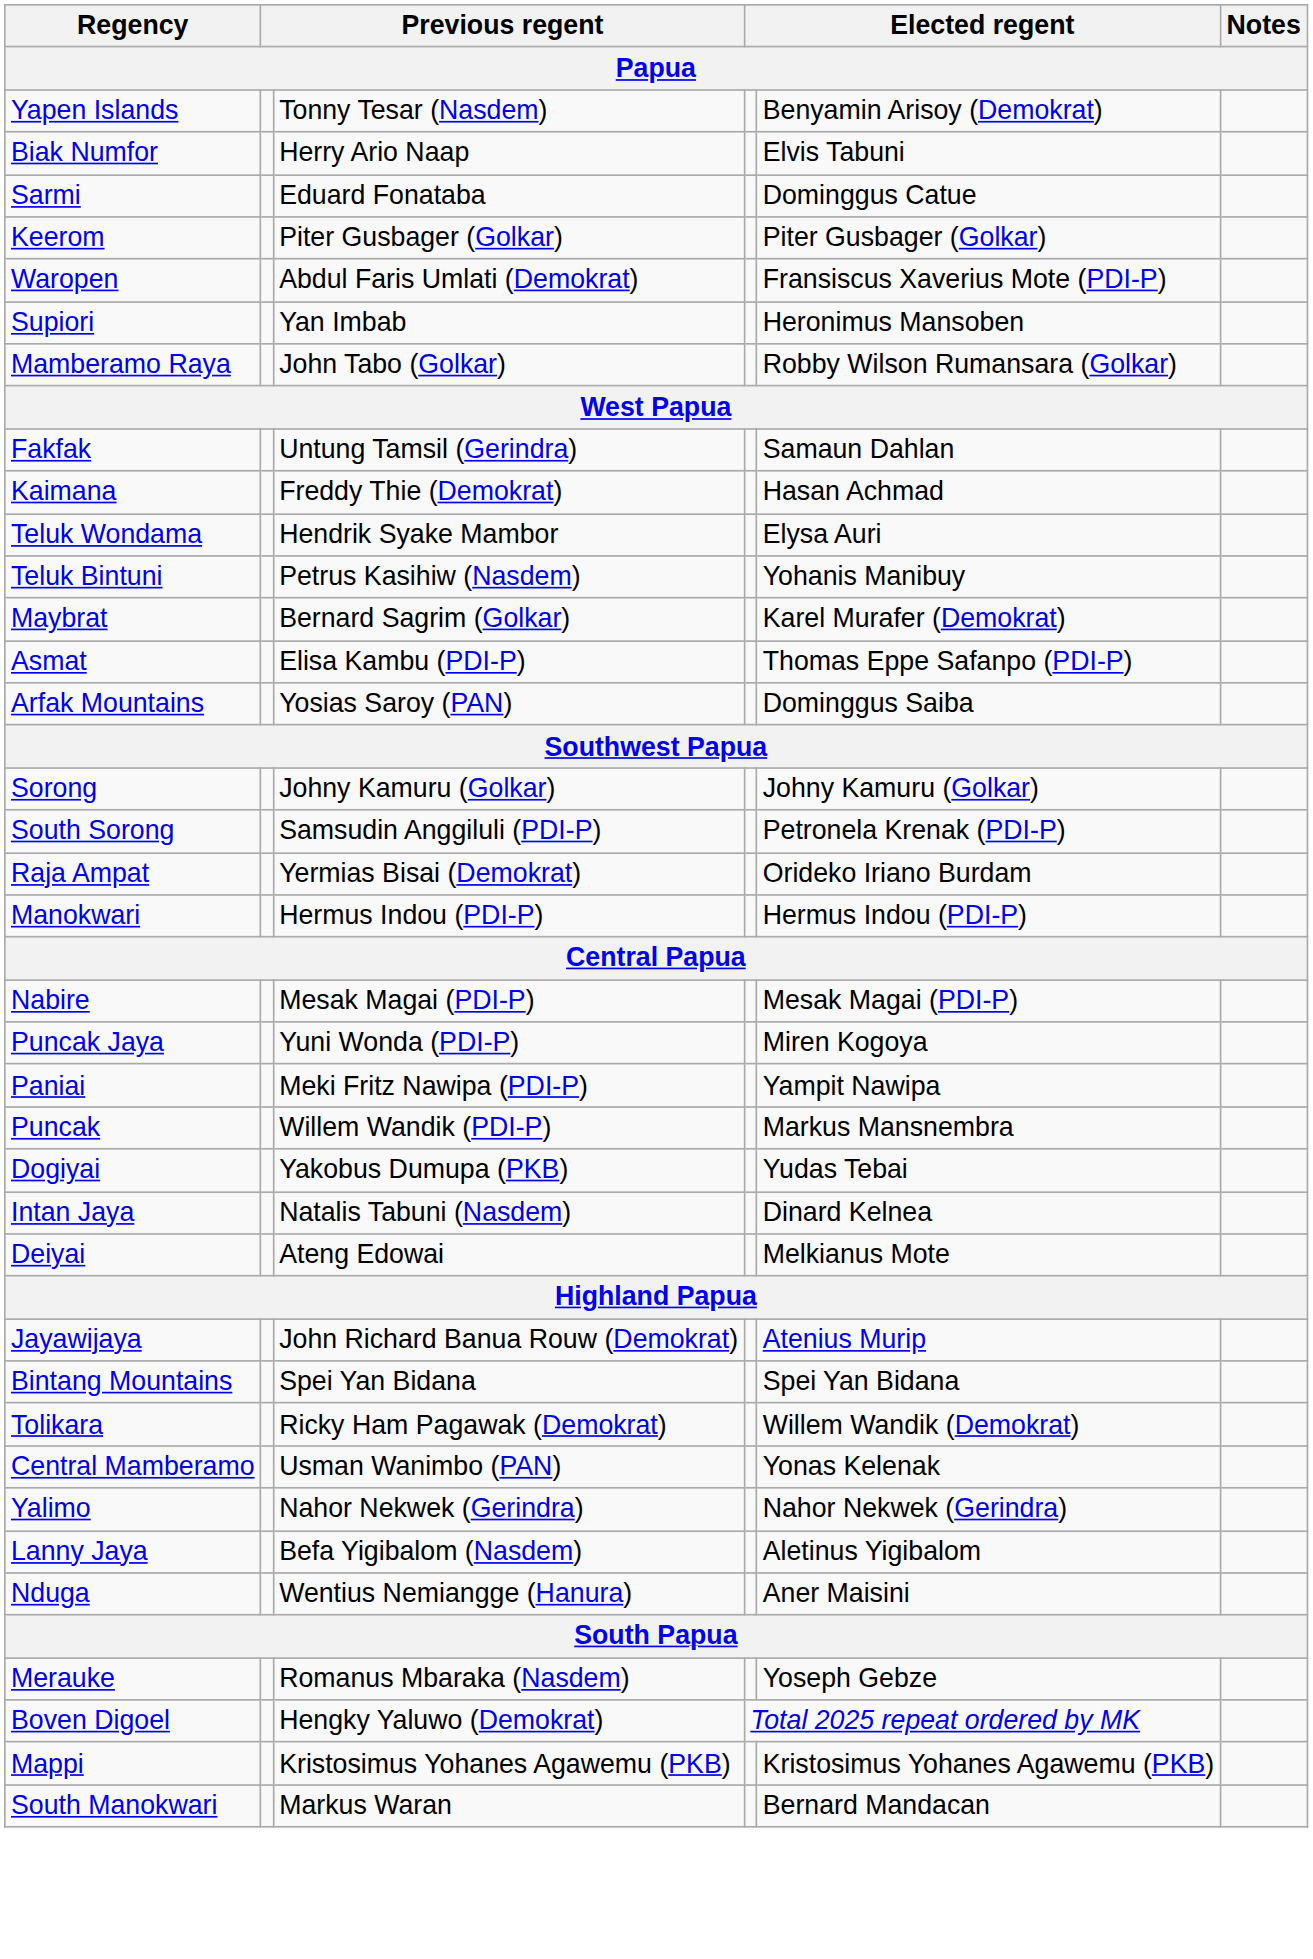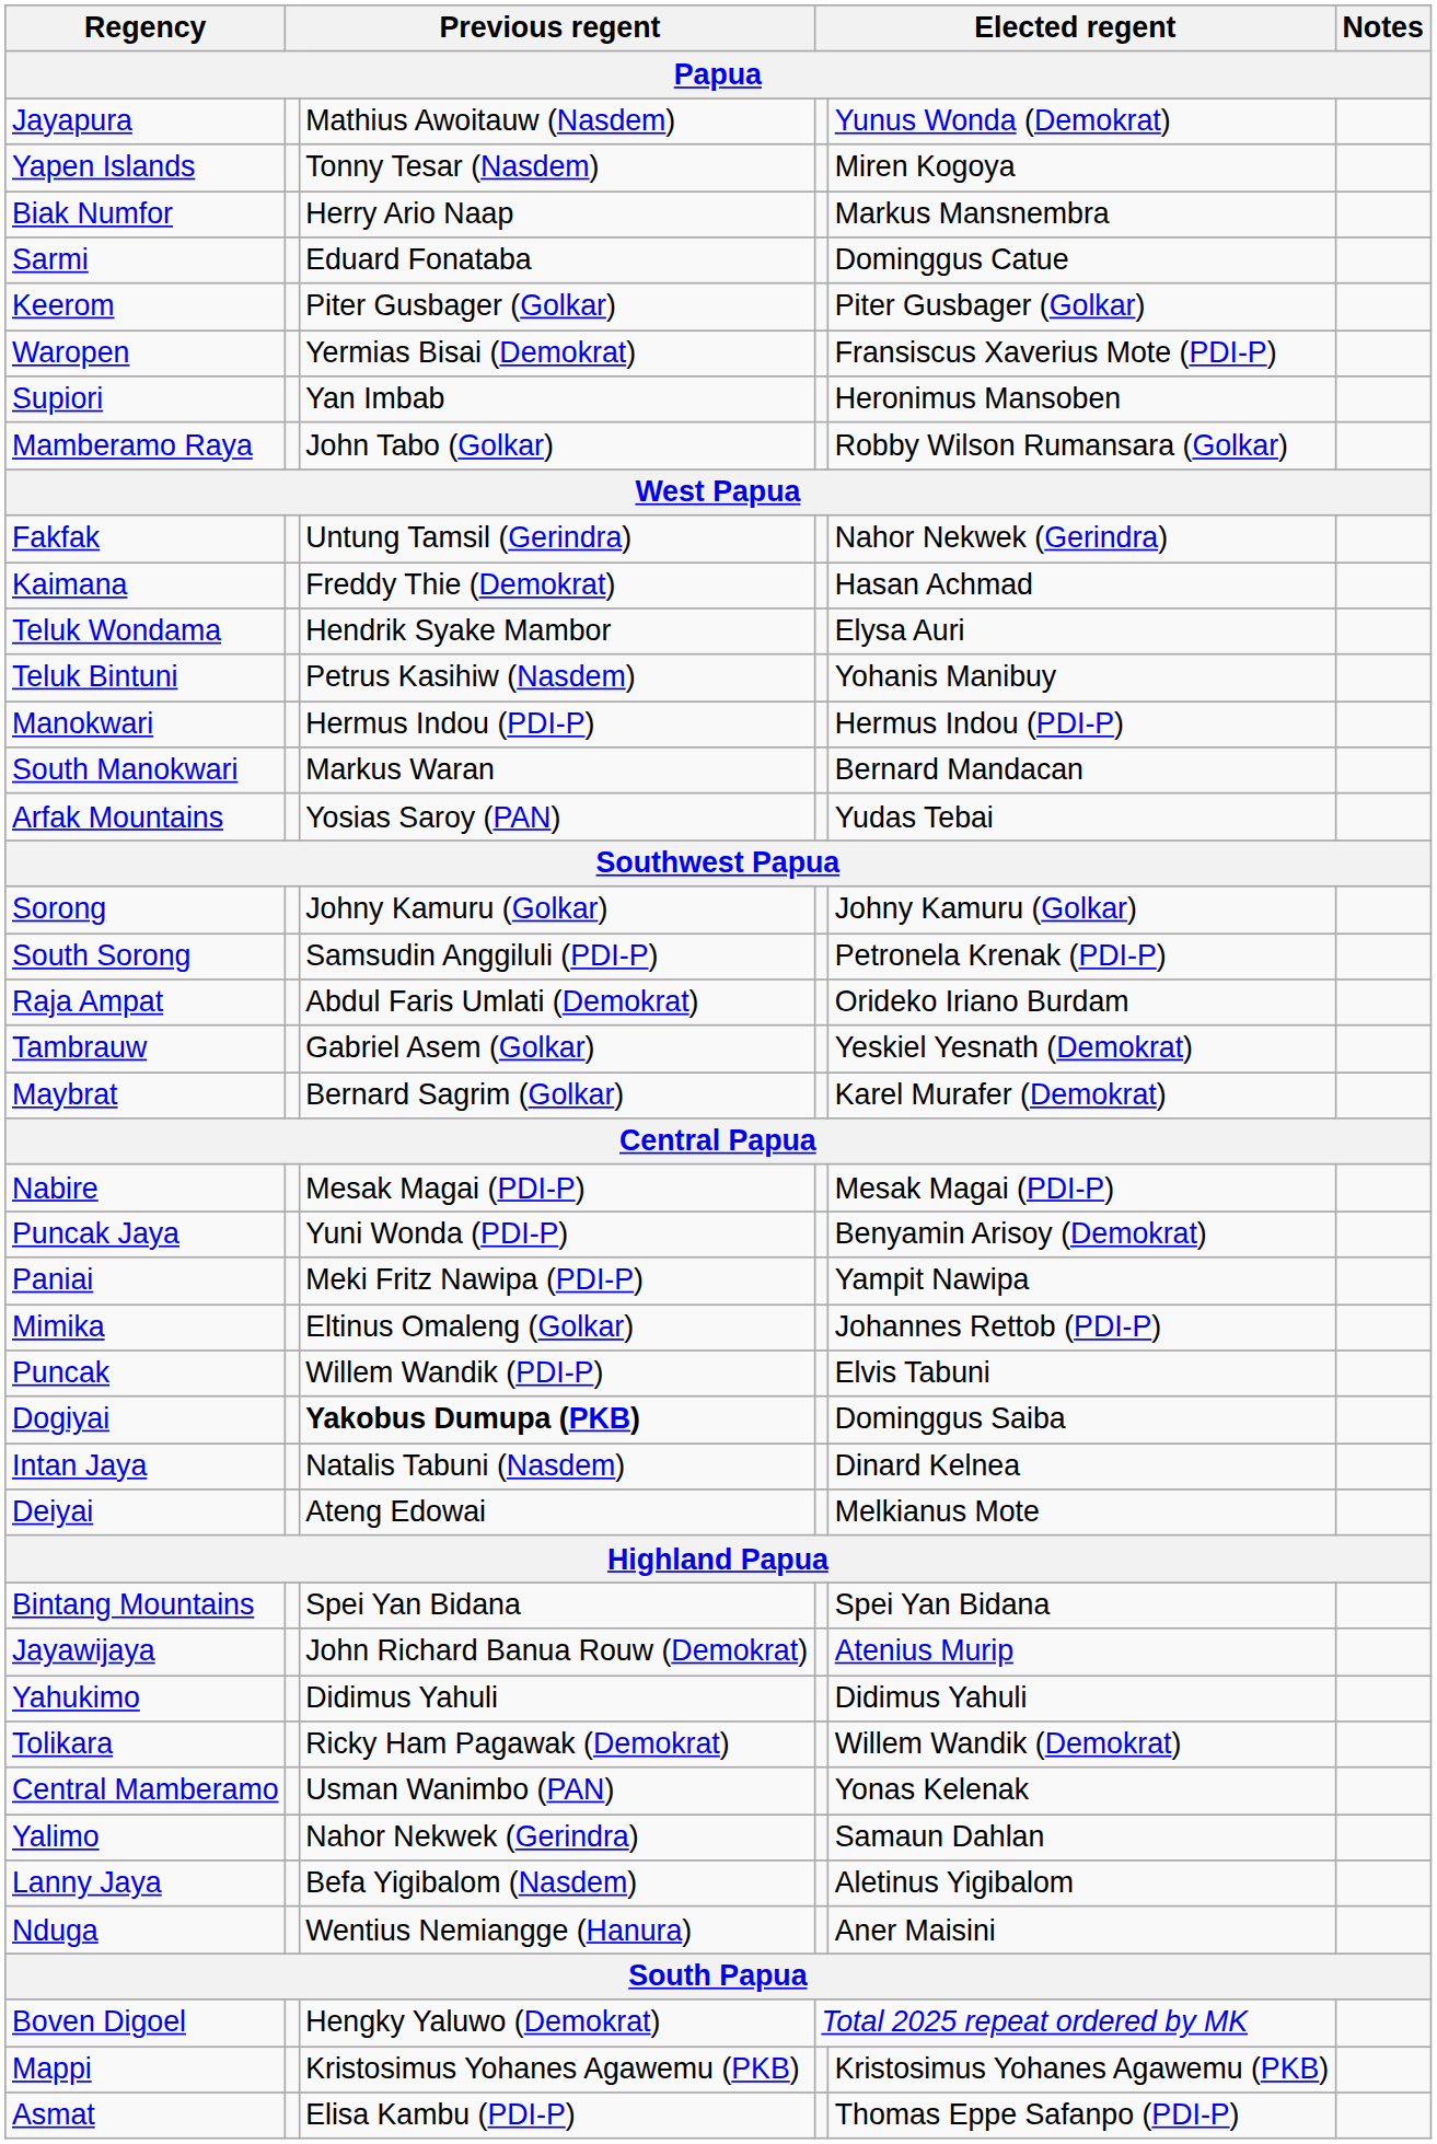 <table class="wikitable">
 <tr>
 <th>Regency</th>
 <th colspan=2>Previous regent</th>
 <th colspan=2>Elected regent</th>
 <th>Notes</th>
 </tr>
 <tr>
 <th colspan=6><a href='#'>Papua</a></th>
 </tr>
 <tr>
+<td><a href='#'>Jayapura</a></td>
+<td style="background:"></td>
+<td>Mathius Awoitauw (<a href='#'>Nasdem</a>)</td>
+<td style="background:"></td>
+<td><a href='#'>Yunus Wonda</a> (<a href='#'>Demokrat</a>)</td>
+<td></td>
+</tr>
+<tr>
 <td><a href='#'>Yapen Islands</a></td>
 <td style="background:"></td>
 <td>Tonny Tesar (<a href='#'>Nasdem</a>)</td>
 <td style="background:"></td>
-<td>Benyamin Arisoy (<a href='#'>Demokrat</a>)</td>
+<td>Miren Kogoya</td>
 <td></td>
 </tr>
 <tr>
 <td><a href='#'>Biak Numfor</a></td>
 <td style="background:"></td>
 <td>Herry Ario Naap</td>
 <td style="background:"></td>
-<td>Elvis Tabuni</td>
+<td>Markus Mansnembra</td>
 <td></td>
 </tr>
 <tr>
 <td><a href='#'>Sarmi</a></td>
 <td style="background:"></td>
 <td>Eduard Fonataba</td>
 <td style="background:"></td>
 <td>Dominggus Catue</td>
 <td></td>
 </tr>
 <tr>
 <td><a href='#'>Keerom</a></td>
 <td style="background:"></td>
 <td>Piter Gusbager (<a href='#'>Golkar</a>)</td>
 <td style="background:"></td>
 <td>Piter Gusbager (<a href='#'>Golkar</a>)</td>
 <td></td>
 </tr>
 <tr>
 <td><a href='#'>Waropen</a></td>
 <td style="background:"></td>
-<td>Abdul Faris Umlati (<a href='#'>Demokrat</a>)</td>
+<td>Yermias Bisai (<a href='#'>Demokrat</a>)</td>
 <td style="background:"></td>
 <td>Fransiscus Xaverius Mote (<a href='#'>PDI-P</a>)</td>
 <td></td>
 </tr>
 <tr>
 <td><a href='#'>Supiori</a></td>
 <td style="background:"></td>
 <td>Yan Imbab</td>
 <td style="background:"></td>
 <td>Heronimus Mansoben</td>
 <td></td>
 </tr>
 <tr>
 <td><a href='#'>Mamberamo Raya</a></td>
 <td style="background:"></td>
 <td>John Tabo (<a href='#'>Golkar</a>)</td>
 <td style="background:"></td>
 <td>Robby Wilson Rumansara (<a href='#'>Golkar</a>)</td>
 <td></td>
 </tr>
 <tr>
 <th colspan=6><a href='#'>West Papua</a></th>
 </tr>
 <tr>
 <td><a href='#'>Fakfak</a></td>
 <td style="background:"></td>
 <td>Untung Tamsil (<a href='#'>Gerindra</a>)</td>
 <td style=></td>
-<td>Samaun Dahlan</td>
+<td>Nahor Nekwek (<a href='#'>Gerindra</a>)</td>
 <td></td>
 </tr>
 <tr>
 <td><a href='#'>Kaimana</a></td>
 <td style="background:"></td>
 <td>Freddy Thie (<a href='#'>Demokrat</a>)</td>
 <td style=></td>
 <td>Hasan Achmad</td>
 <td></td>
 </tr>
 <tr>
 <td><a href='#'>Teluk Wondama</a></td>
 <td style="background:"></td>
 <td>Hendrik Syake Mambor</td>
 <td style=></td>
 <td>Elysa Auri</td>
 <td></td>
 </tr>
 <tr>
 <td><a href='#'>Teluk Bintuni</a></td>
 <td style="background:"></td>
 <td>Petrus Kasihiw (<a href='#'>Nasdem</a>)</td>
 <td style=></td>
 <td>Yohanis Manibuy</td>
 <td></td>
 </tr>
 <tr>
-<td><a href='#'>Maybrat</a></td>
+<td><a href='#'>Manokwari</a></td>
 <td style="background:"></td>
-<td>Bernard Sagrim (<a href='#'>Golkar</a>)</td>
+<td>Hermus Indou (<a href='#'>PDI-P</a>)</td>
 <td style="background:"></td>
-<td>Karel Murafer (<a href='#'>Demokrat</a>)</td>
+<td>Hermus Indou (<a href='#'>PDI-P</a>)</td>
 <td></td>
 </tr>
 <tr>
-<td><a href='#'>Asmat</a></td>
+<td><a href='#'>South Manokwari</a></td>
 <td style="background:"></td>
-<td>Elisa Kambu (<a href='#'>PDI-P</a>)</td>
-<td style="background:"></td>
-<td>Thomas Eppe Safanpo (<a href='#'>PDI-P</a>)</td>
+<td>Markus Waran</td>
+<td style=></td>
+<td>Bernard Mandacan</td>
 <td></td>
 </tr>
 <tr>
 <td><a href='#'>Arfak Mountains</a></td>
 <td style="background:"></td>
 <td>Yosias Saroy (<a href='#'>PAN</a>)</td>
 <td style=></td>
-<td>Dominggus Saiba</td>
+<td>Yudas Tebai</td>
 <td></td>
 </tr>
 <tr>
 <th colspan=6><a href='#'>Southwest Papua</a></th>
 </tr>
 <tr>
 <td><a href='#'>Sorong</a></td>
 <td style="background:"></td>
 <td>Johny Kamuru (<a href='#'>Golkar</a>)</td>
 <td style="background:"></td>
 <td>Johny Kamuru (<a href='#'>Golkar</a>)</td>
 <td></td>
 </tr>
 <tr>
 <td><a href='#'>South Sorong</a></td>
 <td style="background:"></td>
 <td>Samsudin Anggiluli (<a href='#'>PDI-P</a>)</td>
 <td style="background:"></td>
 <td>Petronela Krenak (<a href='#'>PDI-P</a>)</td>
 <td></td>
 </tr>
 <tr>
 <td><a href='#'>Raja Ampat</a></td>
 <td style="background:"></td>
-<td>Yermias Bisai (<a href='#'>Demokrat</a>)</td>
+<td>Abdul Faris Umlati (<a href='#'>Demokrat</a>)</td>
 <td style="background:"></td>
 <td>Orideko Iriano Burdam</td>
 <td></td>
 </tr>
 <tr>
-<td><a href='#'>Manokwari</a></td>
+<td><a href='#'>Tambrauw</a></td>
 <td style="background:"></td>
-<td>Hermus Indou (<a href='#'>PDI-P</a>)</td>
+<td>Gabriel Asem (<a href='#'>Golkar</a>)</td>
 <td style="background:"></td>
-<td>Hermus Indou (<a href='#'>PDI-P</a>)</td>
+<td>Yeskiel Yesnath (<a href='#'>Demokrat</a>)</td>
+<td></td>
+</tr>
+<tr>
+<td><a href='#'>Maybrat</a></td>
+<td style="background:"></td>
+<td>Bernard Sagrim (<a href='#'>Golkar</a>)</td>
+<td style="background:"></td>
+<td>Karel Murafer (<a href='#'>Demokrat</a>)</td>
 <td></td>
 </tr>
 <tr>
 <th colspan=6><a href='#'>Central Papua</a></th>
 </tr>
 <tr>
 <td><a href='#'>Nabire</a></td>
 <td style="background:"></td>
 <td>Mesak Magai (<a href='#'>PDI-P</a>)</td>
 <td style="background:"></td>
 <td>Mesak Magai (<a href='#'>PDI-P</a>)</td>
 <td></td>
 </tr>
 <tr>
 <td><a href='#'>Puncak Jaya</a></td>
 <td style="background:"></td>
 <td>Yuni Wonda (<a href='#'>PDI-P</a>)</td>
 <td style=></td>
-<td>Miren Kogoya</td>
+<td>Benyamin Arisoy (<a href='#'>Demokrat</a>)</td>
 <td></td>
 </tr>
 <tr>
 <td><a href='#'>Paniai</a></td>
 <td style="background:"></td>
 <td>Meki Fritz Nawipa (<a href='#'>PDI-P</a>)</td>
 <td style=></td>
 <td>Yampit Nawipa</td>
 <td></td>
 </tr>
 <tr>
+<td><a href='#'>Mimika</a></td>
+<td style="background:"></td>
+<td>Eltinus Omaleng (<a href='#'>Golkar</a>)</td>
+<td style="background:"></td>
+<td>Johannes Rettob (<a href='#'>PDI-P</a>)</td>
+<td></td>
+</tr>
+<tr>
 <td><a href='#'>Puncak</a></td>
 <td style="background:"></td>
 <td>Willem Wandik (<a href='#'>PDI-P</a>)</td>
 <td style=></td>
-<td>Markus Mansnembra</td>
+<td>Elvis Tabuni</td>
 <td></td>
 </tr>
 <tr>
 <td><a href='#'>Dogiyai</a></td>
 <td style="background:"></td>
-<td>Yakobus Dumupa (<a href='#'>PKB</a>)</td>
+<td><strong>Yakobus Dumupa (<a href='#'>PKB</a>)</strong></td>
 <td style=></td>
-<td>Yudas Tebai</td>
+<td>Dominggus Saiba</td>
 <td></td>
 </tr>
 <tr>
 <td><a href='#'>Intan Jaya</a></td>
 <td style="background:"></td>
 <td>Natalis Tabuni (<a href='#'>Nasdem</a>)</td>
 <td style=></td>
 <td>Dinard Kelnea</td>
 <td></td>
 </tr>
 <tr>
 <td><a href='#'>Deiyai</a></td>
 <td style="background:"></td>
 <td>Ateng Edowai</td>
 <td style=></td>
 <td>Melkianus Mote</td>
 <td></td>
 </tr>
 <tr>
 <th colspan=6><a href='#'>Highland Papua</a></th>
 </tr>
 <tr>
+<td><a href='#'>Bintang Mountains</a></td>
+<td style="background:"></td>
+<td>Spei Yan Bidana</td>
+<td style="background:"></td>
+<td>Spei Yan Bidana</td>
+<td></td>
+</tr>
+<tr>
 <td><a href='#'>Jayawijaya</a></td>
 <td style="background:"></td>
 <td>John Richard Banua Rouw (<a href='#'>Demokrat</a>)</td>
 <td style=></td>
 <td><a href='#'>Atenius Murip</a></td>
 <td></td>
 </tr>
 <tr>
-<td><a href='#'>Bintang Mountains</a></td>
+<td><a href='#'>Yahukimo</a></td>
 <td style="background:"></td>
-<td>Spei Yan Bidana</td>
+<td>Didimus Yahuli</td>
 <td style="background:"></td>
-<td>Spei Yan Bidana</td>
+<td>Didimus Yahuli</td>
 <td></td>
 </tr>
 <tr>
 <td><a href='#'>Tolikara</a></td>
 <td style="background:"></td>
 <td>Ricky Ham Pagawak (<a href='#'>Demokrat</a>)</td>
 <td style="background:"></td>
 <td>Willem Wandik (<a href='#'>Demokrat</a>)</td>
 <td></td>
 </tr>
 <tr>
 <td><a href='#'>Central Mamberamo</a></td>
 <td style="background:"></td>
 <td>Usman Wanimbo (<a href='#'>PAN</a>)</td>
 <td style=></td>
 <td>Yonas Kelenak</td>
 <td></td>
 </tr>
 <tr>
 <td><a href='#'>Yalimo</a></td>
 <td style="background:"></td>
 <td>Nahor Nekwek (<a href='#'>Gerindra</a>)</td>
 <td style="background:"></td>
-<td>Nahor Nekwek (<a href='#'>Gerindra</a>)</td>
+<td>Samaun Dahlan</td>
 <td></td>
 </tr>
 <tr>
 <td><a href='#'>Lanny Jaya</a></td>
 <td style="background:"></td>
 <td>Befa Yigibalom (<a href='#'>Nasdem</a>)</td>
 <td style=></td>
 <td>Aletinus Yigibalom</td>
 <td></td>
 </tr>
 <tr>
 <td><a href='#'>Nduga</a></td>
 <td style="background:"></td>
 <td>Wentius Nemiangge (<a href='#'>Hanura</a>)</td>
 <td style=></td>
 <td>Aner Maisini</td>
 <td></td>
 </tr>
 <tr>
 <th colspan=6><a href='#'>South Papua</a></th>
 </tr>
 <tr>
-<td><a href='#'>Merauke</a></td>
-<td style="background:"></td>
-<td>Romanus Mbaraka (<a href='#'>Nasdem</a>)</td>
-<td style="background:"></td>
-<td>Yoseph Gebze</td>
-<td></td>
-</tr>
-<tr>
 <td><a href='#'>Boven Digoel</a></td>
 <td style="background:"></td>
 <td>Hengky Yaluwo (<a href='#'>Demokrat</a>)</td>
 <td colspan=2><em><a href='#'>Total 2025 repeat ordered by MK</a></em></td>
 <td></td>
 </tr>
 <tr>
 <td><a href='#'>Mappi</a></td>
 <td style="background:"></td>
 <td>Kristosimus Yohanes Agawemu (<a href='#'>PKB</a>)</td>
 <td style="background:"></td>
 <td>Kristosimus Yohanes Agawemu (<a href='#'>PKB</a>)</td>
 <td></td>
 </tr>
 <tr>
-<td><a href='#'>South Manokwari</a></td>
+<td><a href='#'>Asmat</a></td>
 <td style="background:"></td>
-<td>Markus Waran</td>
-<td style=></td>
-<td>Bernard Mandacan</td>
+<td>Elisa Kambu (<a href='#'>PDI-P</a>)</td>
+<td style="background:"></td>
+<td>Thomas Eppe Safanpo (<a href='#'>PDI-P</a>)</td>
 <td></td>
 </tr>
 </table>
